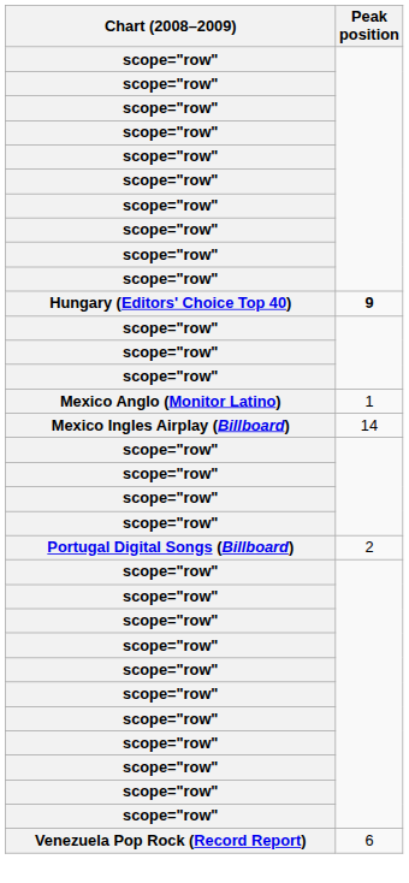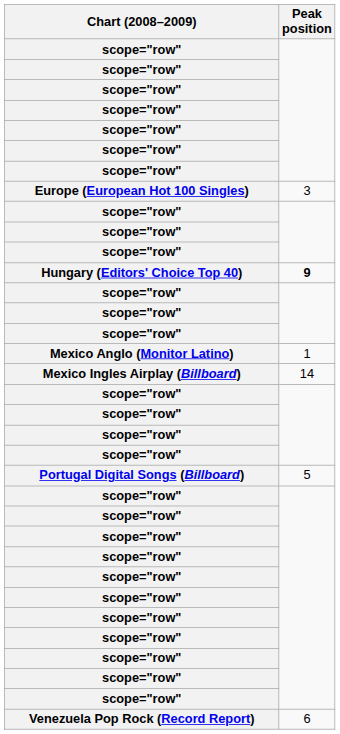 <table class="wikitable sortable plainrowheaders" style="text-align:center">
 <tr>
 <th scope="col" style="width:21em;">Chart (2008–2009)</th>
 <th scope="col">Peak<br>position</th>
 </tr>
 <tr>
 <th>scope="row" </th>
 </tr>
 <tr>
 <th>scope="row" </th>
 </tr>
 <tr>
 <th>scope="row" </th>
 </tr>
 <tr>
 <th>scope="row" </th>
 </tr>
 <tr>
 <th>scope="row" </th>
 </tr>
 <tr>
 <th>scope="row" </th>
 </tr>
 <tr>
 <th>scope="row" </th>
+</tr>
+<tr>
+<th scope="row">Europe (<a href='#'>European Hot 100 Singles</a>)</th>
+<td>3</td>
 </tr>
 <tr>
 <th>scope="row" </th>
 </tr>
 <tr>
 <th>scope="row" </th>
 </tr>
 <tr>
 <th>scope="row" </th>
 </tr>
 <tr>
 <th scope="row">Hungary (<a href='#'>Editors' Choice Top 40</a>)</th>
 <td><strong>9</strong></td>
 </tr>
 <tr>
 <th>scope="row" </th>
 </tr>
 <tr>
 <th>scope="row" </th>
 </tr>
 <tr>
 <th>scope="row" </th>
 </tr>
 <tr>
 <th scope="row">Mexico Anglo (<a href='#'>Monitor Latino</a>)</th>
 <td>1</td>
 </tr>
 <tr>
 <th scope="row">Mexico Ingles Airplay (<a href='#'><em>Billboard</em></a>)</th>
 <td>14</td>
 </tr>
 <tr>
 <th>scope="row" </th>
 </tr>
 <tr>
 <th>scope="row" </th>
 </tr>
 <tr>
 <th>scope="row" </th>
 </tr>
 <tr>
 <th>scope="row" </th>
 </tr>
 <tr>
 <th scope="row"><a href='#'>Portugal Digital Songs</a> (<em><a href='#'>Billboard</a></em>)</th>
-<td>2</td>
+<td>5</td>
 </tr>
 <tr>
 <th>scope="row" </th>
 </tr>
 <tr>
 <th>scope="row" </th>
 </tr>
 <tr>
 <th>scope="row" </th>
 </tr>
 <tr>
 <th>scope="row" </th>
 </tr>
 <tr>
 <th>scope="row" </th>
 </tr>
 <tr>
 <th>scope="row" </th>
 </tr>
 <tr>
 <th>scope="row" </th>
 </tr>
 <tr>
 <th>scope="row" </th>
 </tr>
 <tr>
 <th>scope="row" </th>
 </tr>
 <tr>
 <th>scope="row" </th>
 </tr>
 <tr>
 <th>scope="row" </th>
 </tr>
 <tr>
 <th scope="row">Venezuela Pop Rock (<a href='#'>Record Report</a>)</th>
 <td>6</td>
 </tr>
 </table>
